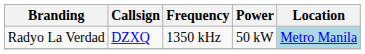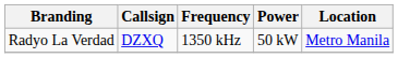 <table class="wikitable">
 <tr>
 <th>Branding</th>
 <th>Callsign</th>
 <th>Frequency</th>
 <th>Power</th>
 <th>Location</th>
 </tr>
 <tr>
 <td>Radyo La Verdad</td>
 <td><a href='#'>DZXQ</a></td>
 <td>1350 kHz</td>
 <td>50 kW</td>
-<td style="background: lightblue;"><a href='#'>Metro Manila</a></td>
+<td><a href='#'>Metro Manila</a></td>
 </tr>
 <tr>
 </tr>
 </table>
